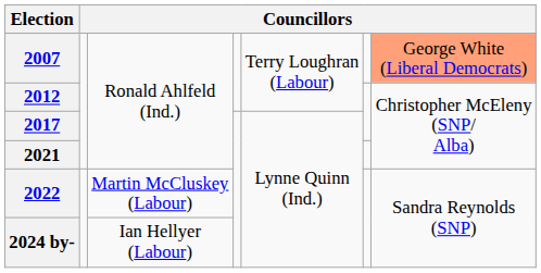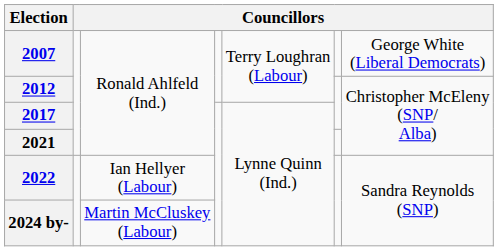 <table class="wikitable" style="text-align:center">
 <tr>
 <th>Election</th>
 <th colspan=8>Councillors</th>
 </tr>
 <tr>
 <th><a href='#'>2007</a></th>
 <td rowspan=4; style="background-color: "></td>
 <td rowspan=4>Ronald Ahlfeld<br>(Ind.)</td>
 <td rowspan=2; style="background-color: "></td>
 <td rowspan=2>Terry Loughran<br>(<a href='#'>Labour</a>)</td>
 <td rowspan=1; style="background-color: "></td>
-<td rowspan=1 style="background: lightsalmon;">George White<br>(<a href='#'>Liberal Democrats</a>)</td>
+<td rowspan=1>George White<br>(<a href='#'>Liberal Democrats</a>)</td>
 </tr>
 <tr>
 <th><a href='#'>2012</a></th>
 <td rowspan=2; style="background-color: "></td>
 <td rowspan=3>Christopher McEleny<br>(<a href='#'>SNP</a>/<br><a href='#'>Alba</a>)</td>
 </tr>
 <tr>
 <th><a href='#'>2017</a></th>
 <td rowspan=4; style="background-color: "></td>
 <td rowspan=4>Lynne Quinn<br>(Ind.)</td>
 </tr>
 <tr>
 <th>2021</th>
 <td rowspan=1; style="background-color: "></td>
 </tr>
 <tr>
 <th><a href='#'>2022</a></th>
 <td rowspan=2; style="background-color: "></td>
-<td rowspan=1><a href='#'>Martin McCluskey</a><br>(<a href='#'>Labour</a>)</td>
+<td rowspan=1>Ian Hellyer<br>(<a href='#'>Labour</a>)</td>
 <td rowspan=2; style="background-color: "></td>
 <td rowspan=2>Sandra Reynolds<br>(<a href='#'>SNP</a>)</td>
 </tr>
 <tr>
 <th>2024 by-</th>
-<td rowspan=1>Ian Hellyer<br>(<a href='#'>Labour</a>)</td>
+<td rowspan=1><a href='#'>Martin McCluskey</a><br>(<a href='#'>Labour</a>)</td>
 </tr>
 </table>
